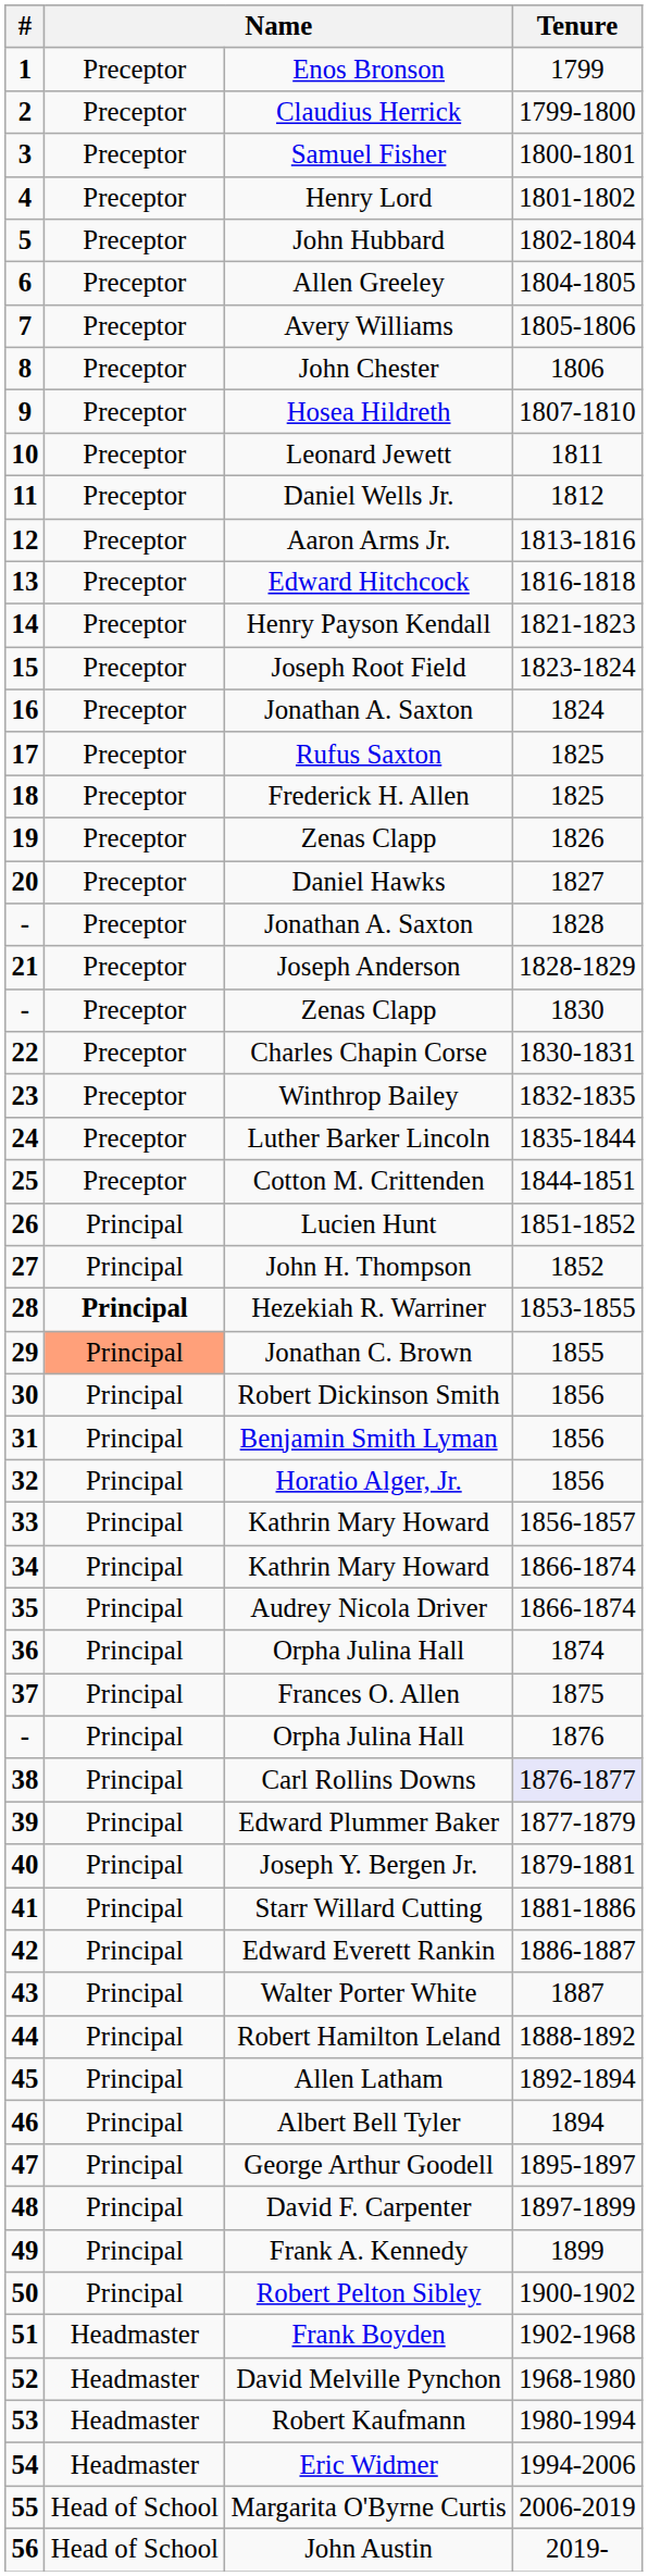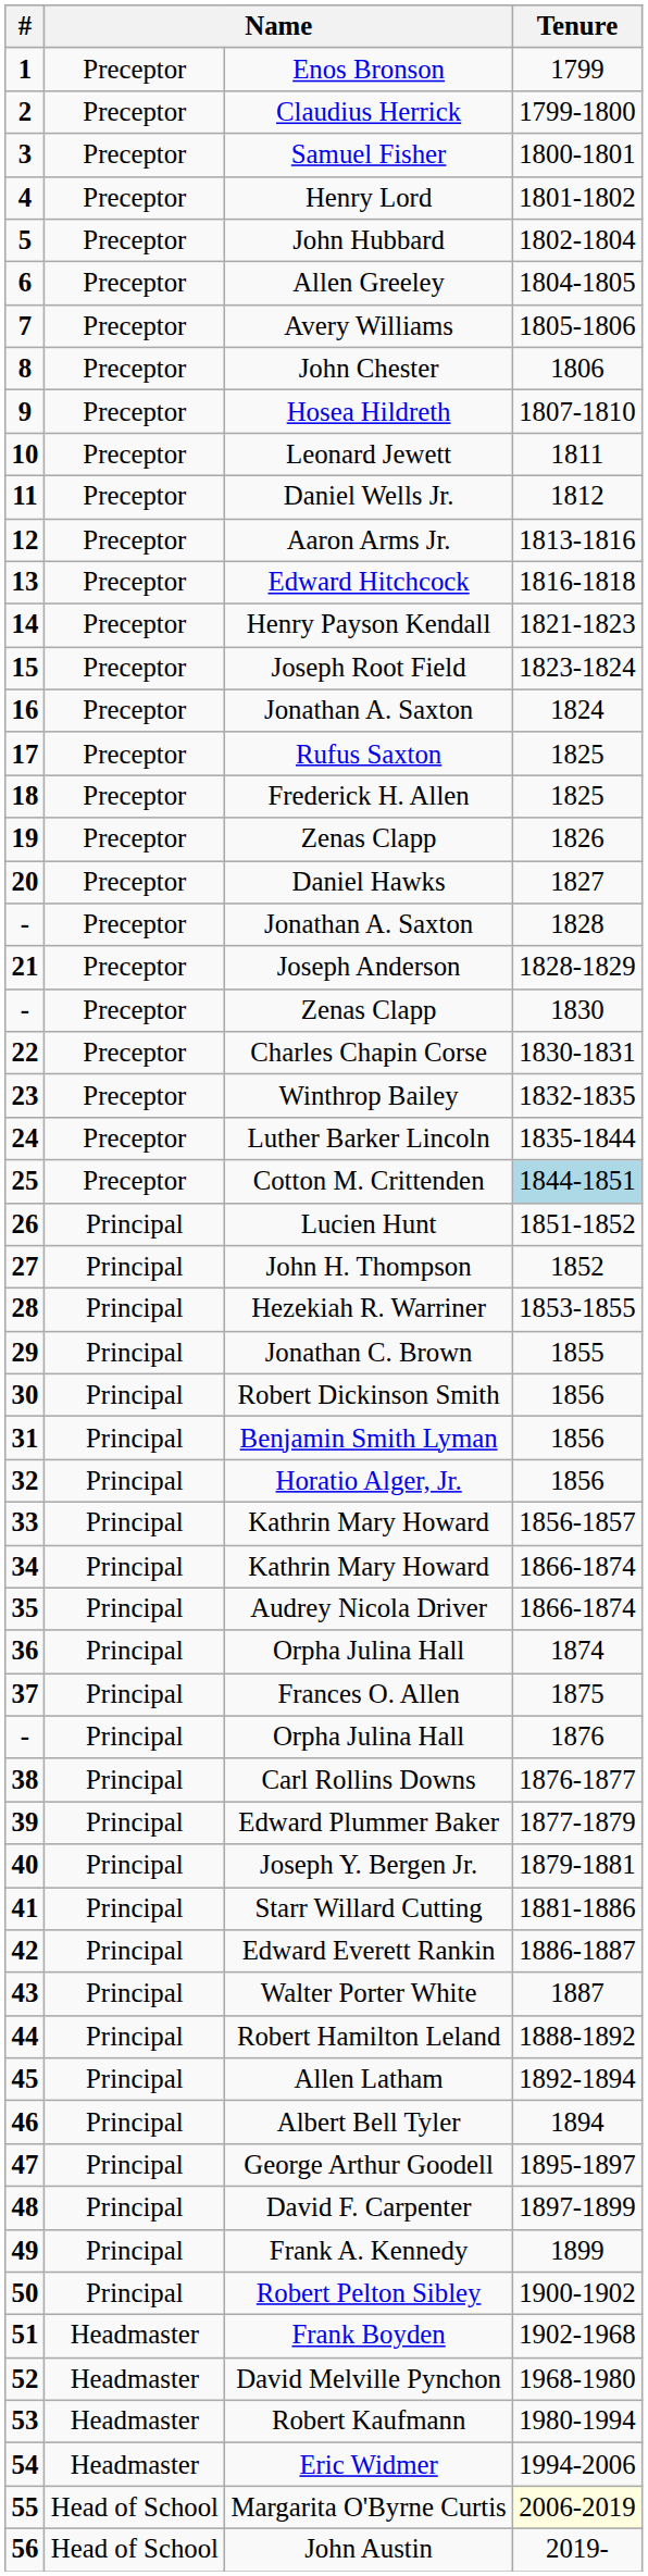 <table class="wikitable" style="text-align:center">
 <tr style="background:#cccccc">
 <th>#</th>
 <th colspan=2>Name</th>
 <th>Tenure</th>
 </tr>
 <tr>
 <td><strong>1</strong></td>
 <td>Preceptor</td>
 <td><a href='#'>Enos Bronson</a></td>
 <td>1799</td>
 </tr>
 <tr>
 <td><strong>2</strong></td>
 <td>Preceptor</td>
 <td><a href='#'>Claudius Herrick</a></td>
 <td>1799-1800</td>
 </tr>
 <tr>
 <td><strong>3</strong></td>
 <td>Preceptor</td>
 <td><a href='#'>Samuel Fisher</a></td>
 <td>1800-1801</td>
 </tr>
 <tr>
 <td><strong>4</strong></td>
 <td>Preceptor</td>
 <td>Henry Lord</td>
 <td>1801-1802</td>
 </tr>
 <tr>
 <td><strong>5</strong></td>
 <td>Preceptor</td>
 <td>John Hubbard</td>
 <td>1802-1804</td>
 </tr>
 <tr>
 <td><strong>6</strong></td>
 <td>Preceptor</td>
 <td>Allen Greeley</td>
 <td>1804-1805</td>
 </tr>
 <tr>
 <td><strong>7</strong></td>
 <td>Preceptor</td>
 <td>Avery Williams</td>
 <td>1805-1806</td>
 </tr>
 <tr>
 <td><strong>8</strong></td>
 <td>Preceptor</td>
 <td>John Chester</td>
 <td>1806</td>
 </tr>
 <tr>
 <td><strong>9</strong></td>
 <td>Preceptor</td>
 <td><a href='#'>Hosea Hildreth</a></td>
 <td>1807-1810</td>
 </tr>
 <tr>
 <td><strong>10</strong></td>
 <td>Preceptor</td>
 <td>Leonard Jewett</td>
 <td>1811</td>
 </tr>
 <tr>
 <td><strong>11</strong></td>
 <td>Preceptor</td>
 <td>Daniel Wells Jr.</td>
 <td>1812</td>
 </tr>
 <tr>
 <td><strong>12</strong></td>
 <td>Preceptor</td>
 <td>Aaron Arms Jr.</td>
 <td>1813-1816</td>
 </tr>
 <tr>
 <td><strong>13</strong></td>
 <td>Preceptor</td>
 <td><a href='#'>Edward Hitchcock</a></td>
 <td>1816-1818</td>
 </tr>
 <tr>
 <td><strong>14</strong></td>
 <td>Preceptor</td>
 <td>Henry Payson Kendall</td>
 <td>1821-1823</td>
 </tr>
 <tr>
 <td><strong>15</strong></td>
 <td>Preceptor</td>
 <td>Joseph Root Field</td>
 <td>1823-1824</td>
 </tr>
 <tr>
 <td><strong>16</strong></td>
 <td>Preceptor</td>
 <td>Jonathan A. Saxton</td>
 <td>1824</td>
 </tr>
 <tr>
 <td><strong>17</strong></td>
 <td>Preceptor</td>
 <td><a href='#'>Rufus Saxton</a></td>
 <td>1825</td>
 </tr>
 <tr>
 <td><strong>18</strong></td>
 <td>Preceptor</td>
 <td>Frederick H. Allen</td>
 <td>1825</td>
 </tr>
 <tr>
 <td><strong>19</strong></td>
 <td>Preceptor</td>
 <td>Zenas Clapp</td>
 <td>1826</td>
 </tr>
 <tr>
 <td><strong>20</strong></td>
 <td>Preceptor</td>
 <td>Daniel Hawks</td>
 <td>1827</td>
 </tr>
 <tr>
 <td><strong>-</strong></td>
 <td>Preceptor</td>
 <td>Jonathan A. Saxton</td>
 <td>1828</td>
 </tr>
 <tr>
 <td><strong>21</strong></td>
 <td>Preceptor</td>
 <td>Joseph Anderson</td>
 <td>1828-1829</td>
 </tr>
 <tr>
 <td><strong>-</strong></td>
 <td>Preceptor</td>
 <td>Zenas Clapp</td>
 <td>1830</td>
 </tr>
 <tr>
 <td><strong>22</strong></td>
 <td>Preceptor</td>
 <td>Charles Chapin Corse</td>
 <td>1830-1831</td>
 </tr>
 <tr>
 <td><strong>23</strong></td>
 <td>Preceptor</td>
 <td>Winthrop Bailey</td>
 <td>1832-1835</td>
 </tr>
 <tr>
 <td><strong>24</strong></td>
 <td>Preceptor</td>
 <td>Luther Barker Lincoln</td>
 <td>1835-1844</td>
 </tr>
 <tr>
 <td><strong>25</strong></td>
 <td>Preceptor</td>
 <td>Cotton M. Crittenden</td>
-<td>1844-1851</td>
+<td style="background: lightblue;">1844-1851</td>
 </tr>
 <tr>
 <td><strong>26</strong></td>
 <td>Principal</td>
 <td>Lucien Hunt</td>
 <td>1851-1852</td>
 </tr>
 <tr>
 <td><strong>27</strong></td>
 <td>Principal</td>
 <td>John H. Thompson</td>
 <td>1852</td>
 </tr>
 <tr>
 <td><strong>28</strong></td>
-<td><strong>Principal</strong></td>
+<td>Principal</td>
 <td>Hezekiah R. Warriner</td>
 <td>1853-1855</td>
 </tr>
 <tr>
 <td><strong>29</strong></td>
-<td style="background: lightsalmon;">Principal</td>
+<td>Principal</td>
 <td>Jonathan C. Brown</td>
 <td>1855</td>
 </tr>
 <tr>
 <td><strong>30</strong></td>
 <td>Principal</td>
 <td>Robert Dickinson Smith</td>
 <td>1856</td>
 </tr>
 <tr>
 <td><strong>31</strong></td>
 <td>Principal</td>
 <td><a href='#'>Benjamin Smith Lyman</a></td>
 <td>1856</td>
 </tr>
 <tr>
 <td><strong>32</strong></td>
 <td>Principal</td>
 <td><a href='#'>Horatio Alger, Jr.</a></td>
 <td>1856</td>
 </tr>
 <tr>
 <td><strong>33</strong></td>
 <td>Principal</td>
 <td>Kathrin Mary Howard</td>
 <td>1856-1857</td>
 </tr>
 <tr>
 <td><strong>34</strong></td>
 <td>Principal</td>
 <td>Kathrin Mary Howard</td>
 <td>1866-1874</td>
 </tr>
 <tr>
 <td><strong>35</strong></td>
 <td>Principal</td>
 <td>Audrey Nicola Driver</td>
 <td>1866-1874</td>
 </tr>
 <tr>
 <td><strong>36</strong></td>
 <td>Principal</td>
 <td>Orpha Julina Hall</td>
 <td>1874</td>
 </tr>
 <tr>
 <td><strong>37</strong></td>
 <td>Principal</td>
 <td>Frances O. Allen</td>
 <td>1875</td>
 </tr>
 <tr>
 <td><strong>-</strong></td>
 <td>Principal</td>
 <td>Orpha Julina Hall</td>
 <td>1876</td>
 </tr>
 <tr>
 <td><strong>38</strong></td>
 <td>Principal</td>
 <td>Carl Rollins Downs</td>
-<td style="background: lavender;">1876-1877</td>
+<td>1876-1877</td>
 </tr>
 <tr>
 <td><strong>39</strong></td>
 <td>Principal</td>
 <td>Edward Plummer Baker</td>
 <td>1877-1879</td>
 </tr>
 <tr>
 <td><strong>40</strong></td>
 <td>Principal</td>
 <td>Joseph Y. Bergen Jr.</td>
 <td>1879-1881</td>
 </tr>
 <tr>
 <td><strong>41</strong></td>
 <td>Principal</td>
 <td>Starr Willard Cutting</td>
 <td>1881-1886</td>
 </tr>
 <tr>
 <td><strong>42</strong></td>
 <td>Principal</td>
 <td>Edward Everett Rankin</td>
 <td>1886-1887</td>
 </tr>
 <tr>
 <td><strong>43</strong></td>
 <td>Principal</td>
 <td>Walter Porter White</td>
 <td>1887</td>
 </tr>
 <tr>
 <td><strong>44</strong></td>
 <td>Principal</td>
 <td>Robert Hamilton Leland</td>
 <td>1888-1892</td>
 </tr>
 <tr>
 <td><strong>45</strong></td>
 <td>Principal</td>
 <td>Allen Latham</td>
 <td>1892-1894</td>
 </tr>
 <tr>
 <td><strong>46</strong></td>
 <td>Principal</td>
 <td>Albert Bell Tyler</td>
 <td>1894</td>
 </tr>
 <tr>
 <td><strong>47</strong></td>
 <td>Principal</td>
 <td>George Arthur Goodell</td>
 <td>1895-1897</td>
 </tr>
 <tr>
 <td><strong>48</strong></td>
 <td>Principal</td>
 <td>David F. Carpenter</td>
 <td>1897-1899</td>
 </tr>
 <tr>
 <td><strong>49</strong></td>
 <td>Principal</td>
 <td>Frank A. Kennedy</td>
 <td>1899</td>
 </tr>
 <tr>
 <td><strong>50</strong></td>
 <td>Principal</td>
 <td><a href='#'>Robert Pelton Sibley</a></td>
 <td>1900-1902</td>
 </tr>
 <tr>
 <td><strong>51</strong></td>
 <td>Headmaster</td>
 <td><a href='#'>Frank Boyden</a></td>
 <td>1902-1968</td>
 </tr>
 <tr>
 <td><strong>52</strong></td>
 <td>Headmaster</td>
 <td>David Melville Pynchon</td>
 <td>1968-1980</td>
 </tr>
 <tr>
 <td><strong>53</strong></td>
 <td>Headmaster</td>
 <td>Robert Kaufmann</td>
 <td>1980-1994</td>
 </tr>
 <tr>
 <td><strong>54</strong></td>
 <td>Headmaster</td>
 <td><a href='#'>Eric Widmer</a></td>
 <td>1994-2006</td>
 </tr>
 <tr>
 <td><strong>55</strong></td>
 <td>Head of School</td>
 <td>Margarita O'Byrne Curtis</td>
-<td>2006-2019</td>
+<td style="background: lightyellow;">2006-2019</td>
 </tr>
 <tr>
 <td><strong>56</strong></td>
 <td>Head of School</td>
 <td>John Austin</td>
 <td>2019-</td>
 </tr>
 <tr>
 </tr>
 </table>
